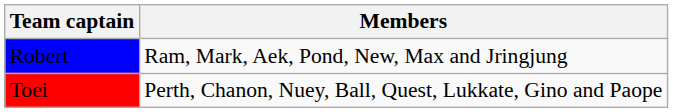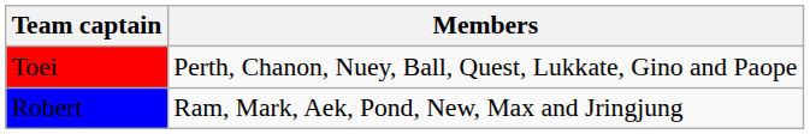 <table class="wikitable">
 <tr>
 <th>Team captain</th>
 <th>Members</th>
 </tr>
 <tr>
+<td style="background:red"><span>Toei</span></td>
+<td>Perth, Chanon, Nuey, Ball, Quest, Lukkate, Gino and Paope</td>
+</tr>
+<tr>
 <td style="background:#0000FF"><span>Robert</span></td>
 <td>Ram, Mark, Aek, Pond, New, Max and Jringjung</td>
 </tr>
-<tr>
-<td style="background:red"><span>Toei</span></td>
-<td>Perth, Chanon, Nuey, Ball, Quest, Lukkate, Gino and Paope</td>
-</tr>
 </table>
